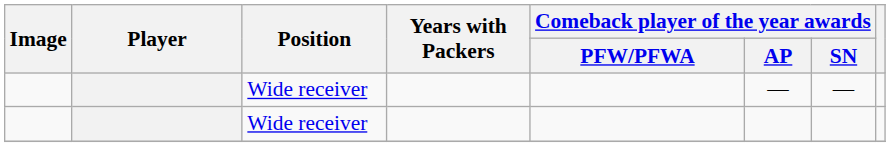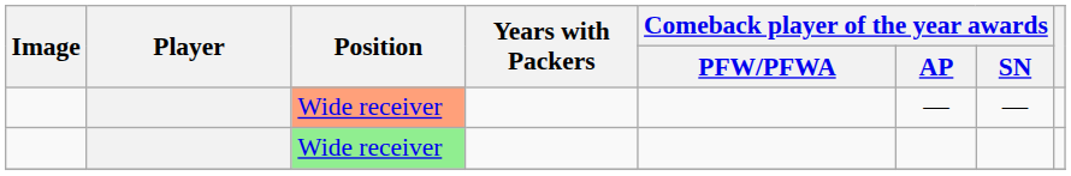 <table class="wikitable sortable" style="text-align: center;">
 <tr>
 <th scope="col" rowspan="2" class="unsortable">Image</th>
 <th scope="col" rowspan="2" width=120px>Player</th>
 <th scope="col" rowspan="2" width=100px>Position</th>
 <th scope="col" rowspan="2" width=100px>Years with Packers</th>
 <th scope="colgroup" colspan="3"><a href='#'>Comeback player of the year awards</a></th>
 <th scope="col" rowspan="2" class="unsortable"></th>
 </tr>
 <tr>
 <th scope="col"><a href='#'>PFW/PFWA</a></th>
 <th scope="col"><a href='#'>AP</a></th>
 <th scope="col"><a href='#'>SN</a></th>
 </tr>
 <tr>
 <td></td>
 <th scope="row" style="text-align: left;"></th>
-<td style="text-align: left;"><a href='#'>Wide receiver</a></td>
+<td style="background: lightsalmon; text-align: left;"><a href='#'>Wide receiver</a></td>
 <td></td>
 <td> </td>
 <td>—</td>
 <td>—</td>
 <td></td>
 </tr>
 <tr>
 <td></td>
 <th scope="row" style="text-align: left;"></th>
-<td style="text-align: left;"><a href='#'>Wide receiver</a></td>
+<td style="background: lightgreen; text-align: left;"><a href='#'>Wide receiver</a></td>
 <td></td>
 <td> </td>
 <td> </td>
 <td> </td>
 <td></td>
 </tr>
 <tr>
 </tr>
 </table>
